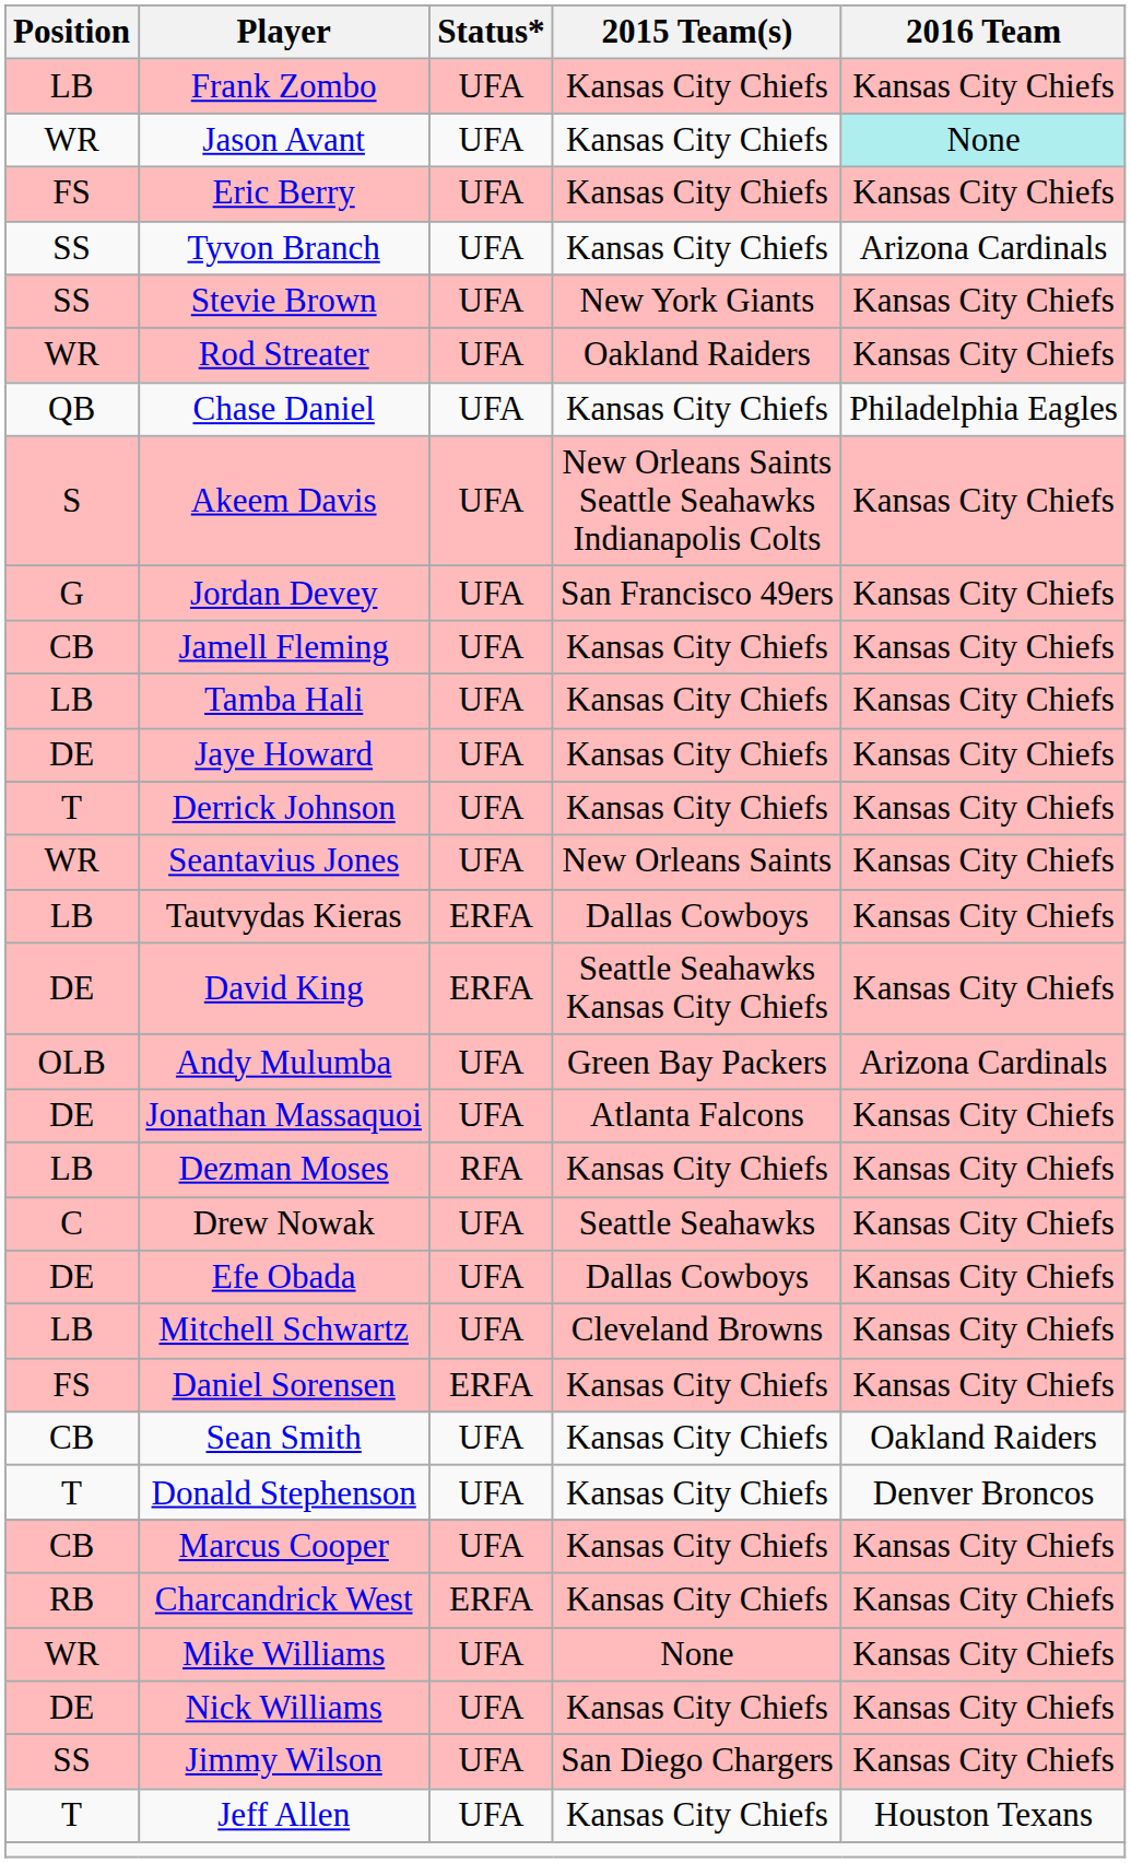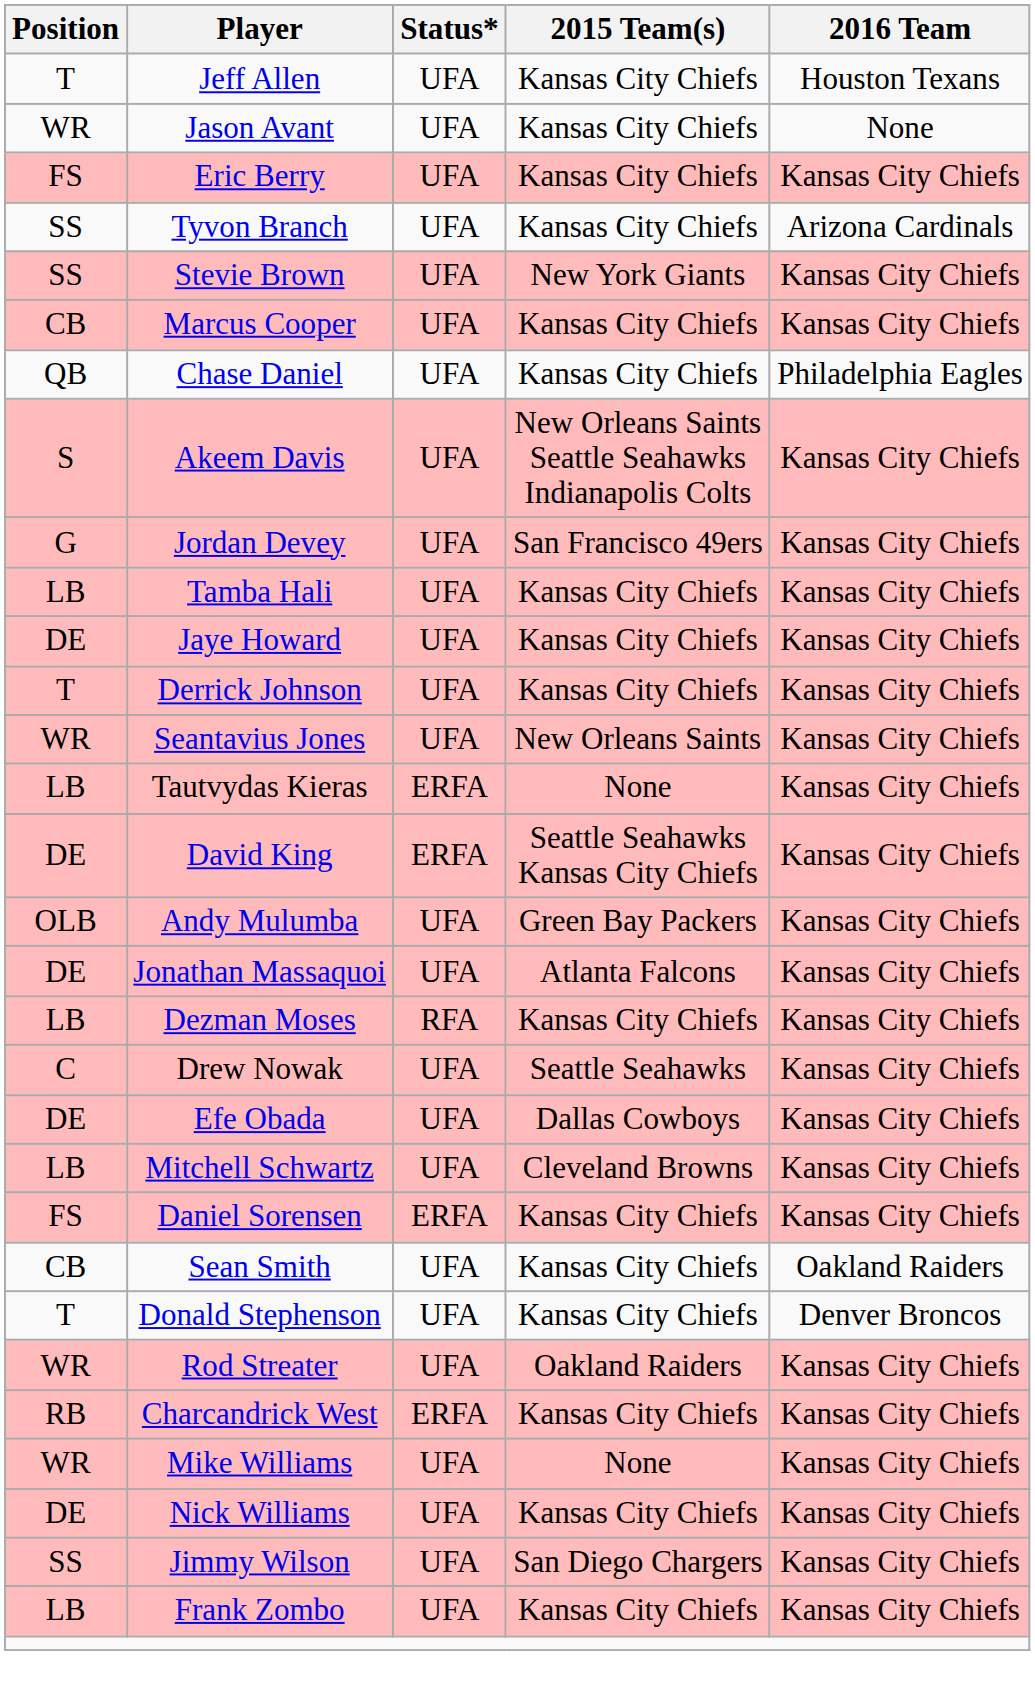 <table class="wikitable sortable" style="text-align:center">
 <tr>
 <th>Position</th>
 <th>Player</th>
 <th>Status*</th>
 <th>2015 Team(s)</th>
 <th>2016 Team</th>
 </tr>
-<tr style="background:#fbb">
-<td>LB</td>
-<td><a href='#'>Frank Zombo</a></td>
+<tr>
+<td>T</td>
+<td><a href='#'>Jeff Allen</a></td>
 <td>UFA</td>
 <td>Kansas City Chiefs</td>
-<td>Kansas City Chiefs</td>
+<td>Houston Texans</td>
 </tr>
 <tr>
 <td>WR</td>
 <td><a href='#'>Jason Avant</a></td>
 <td>UFA</td>
 <td>Kansas City Chiefs</td>
-<td style="background: paleturquoise;">None</td>
+<td>None</td>
 </tr>
 <tr style="background:#fbb">
 <td>FS</td>
 <td><a href='#'>Eric Berry</a></td>
 <td>UFA</td>
 <td>Kansas City Chiefs</td>
 <td>Kansas City Chiefs</td>
 </tr>
 <tr>
 <td>SS</td>
 <td><a href='#'>Tyvon Branch</a></td>
 <td>UFA</td>
 <td>Kansas City Chiefs</td>
 <td>Arizona Cardinals</td>
 </tr>
 <tr style="background:#fbb">
 <td>SS</td>
 <td><a href='#'>Stevie Brown</a></td>
 <td>UFA</td>
 <td>New York Giants</td>
 <td>Kansas City Chiefs</td>
 </tr>
 <tr style="background:#fbb">
-<td>WR</td>
-<td><a href='#'>Rod Streater</a></td>
+<td>CB</td>
+<td><a href='#'>Marcus Cooper</a></td>
 <td>UFA</td>
-<td>Oakland Raiders</td>
+<td>Kansas City Chiefs</td>
 <td>Kansas City Chiefs</td>
 </tr>
 <tr>
 <td>QB</td>
 <td><a href='#'>Chase Daniel</a></td>
 <td>UFA</td>
 <td>Kansas City Chiefs</td>
 <td>Philadelphia Eagles</td>
 </tr>
 <tr style="background:#fbb">
 <td>S</td>
 <td><a href='#'>Akeem Davis</a></td>
 <td>UFA</td>
 <td>New Orleans Saints<br>Seattle Seahawks<br>Indianapolis Colts</td>
 <td>Kansas City Chiefs</td>
 </tr>
 <tr style="background:#fbb">
 <td>G</td>
 <td><a href='#'>Jordan Devey</a></td>
 <td>UFA</td>
 <td>San Francisco 49ers</td>
-<td>Kansas City Chiefs</td>
-</tr>
-<tr style="background:#fbb">
-<td>CB</td>
-<td><a href='#'>Jamell Fleming</a></td>
-<td>UFA</td>
-<td>Kansas City Chiefs</td>
 <td>Kansas City Chiefs</td>
 </tr>
 <tr style="background:#fbb">
 <td>LB</td>
 <td><a href='#'>Tamba Hali</a></td>
 <td>UFA</td>
 <td>Kansas City Chiefs</td>
 <td>Kansas City Chiefs</td>
 </tr>
 <tr style="background:#fbb">
 <td>DE</td>
 <td><a href='#'>Jaye Howard</a></td>
 <td>UFA</td>
 <td>Kansas City Chiefs</td>
 <td>Kansas City Chiefs</td>
 </tr>
 <tr style="background:#fbb">
 <td>T</td>
 <td><a href='#'>Derrick Johnson</a></td>
 <td>UFA</td>
 <td>Kansas City Chiefs</td>
 <td>Kansas City Chiefs</td>
 </tr>
 <tr style="background:#fbb">
 <td>WR</td>
 <td><a href='#'>Seantavius Jones</a></td>
 <td>UFA</td>
 <td>New Orleans Saints</td>
 <td>Kansas City Chiefs</td>
 </tr>
 <tr style="background:#fbb">
 <td>LB</td>
 <td>Tautvydas Kieras</td>
 <td>ERFA</td>
-<td>Dallas Cowboys</td>
+<td>None</td>
 <td>Kansas City Chiefs</td>
 </tr>
 <tr style="background:#fbb">
 <td>DE</td>
 <td><a href='#'>David King</a></td>
 <td>ERFA</td>
 <td>Seattle Seahawks<br>Kansas City Chiefs</td>
 <td>Kansas City Chiefs</td>
 </tr>
 <tr style="background:#fbb">
 <td>OLB</td>
 <td><a href='#'>Andy Mulumba</a></td>
 <td>UFA</td>
 <td>Green Bay Packers</td>
-<td>Arizona Cardinals</td>
+<td>Kansas City Chiefs</td>
 </tr>
 <tr style="background:#fbb">
 <td>DE</td>
 <td><a href='#'>Jonathan Massaquoi</a></td>
 <td>UFA</td>
 <td>Atlanta Falcons</td>
 <td>Kansas City Chiefs</td>
 </tr>
 <tr style="background:#fbb">
 <td>LB</td>
 <td><a href='#'>Dezman Moses</a></td>
 <td>RFA</td>
 <td>Kansas City Chiefs</td>
 <td>Kansas City Chiefs</td>
 </tr>
 <tr style="background:#fbb">
 <td>C</td>
 <td>Drew Nowak</td>
 <td>UFA</td>
 <td>Seattle Seahawks</td>
 <td>Kansas City Chiefs</td>
 </tr>
 <tr style="background:#fbb">
 <td>DE</td>
 <td><a href='#'>Efe Obada</a></td>
 <td>UFA</td>
 <td>Dallas Cowboys</td>
 <td>Kansas City Chiefs</td>
 </tr>
 <tr style="background:#fbb">
 <td>LB</td>
 <td><a href='#'>Mitchell Schwartz</a></td>
 <td>UFA</td>
 <td>Cleveland Browns</td>
 <td>Kansas City Chiefs</td>
 </tr>
 <tr style="background:#fbb">
 <td>FS</td>
 <td><a href='#'>Daniel Sorensen</a></td>
 <td>ERFA</td>
 <td>Kansas City Chiefs</td>
 <td>Kansas City Chiefs</td>
 </tr>
 <tr>
 <td>CB</td>
 <td><a href='#'>Sean Smith</a></td>
 <td>UFA</td>
 <td>Kansas City Chiefs</td>
 <td>Oakland Raiders</td>
 </tr>
 <tr>
 <td>T</td>
 <td><a href='#'>Donald Stephenson</a></td>
 <td>UFA</td>
 <td>Kansas City Chiefs</td>
 <td>Denver Broncos</td>
 </tr>
 <tr style="background:#fbb">
-<td>CB</td>
-<td><a href='#'>Marcus Cooper</a></td>
+<td>WR</td>
+<td><a href='#'>Rod Streater</a></td>
 <td>UFA</td>
-<td>Kansas City Chiefs</td>
+<td>Oakland Raiders</td>
 <td>Kansas City Chiefs</td>
 </tr>
 <tr style="background:#fbb">
 <td>RB</td>
 <td><a href='#'>Charcandrick West</a></td>
 <td>ERFA</td>
 <td>Kansas City Chiefs</td>
 <td>Kansas City Chiefs</td>
 </tr>
 <tr style="background:#fbb">
 <td>WR</td>
 <td><a href='#'>Mike Williams</a></td>
 <td>UFA</td>
 <td>None</td>
 <td>Kansas City Chiefs</td>
 </tr>
 <tr style="background:#fbb">
 <td>DE</td>
 <td><a href='#'>Nick Williams</a></td>
 <td>UFA</td>
 <td>Kansas City Chiefs</td>
 <td>Kansas City Chiefs</td>
 </tr>
 <tr style="background:#fbb">
 <td>SS</td>
 <td><a href='#'>Jimmy Wilson</a></td>
 <td>UFA</td>
 <td>San Diego Chargers</td>
 <td>Kansas City Chiefs</td>
 </tr>
-<tr>
-<td>T</td>
-<td><a href='#'>Jeff Allen</a></td>
+<tr style="background:#fbb">
+<td>LB</td>
+<td><a href='#'>Frank Zombo</a></td>
 <td>UFA</td>
 <td>Kansas City Chiefs</td>
-<td>Houston Texans</td>
+<td>Kansas City Chiefs</td>
 </tr>
 <tr>
 <td colspan=5></td>
 </tr>
 </table>
